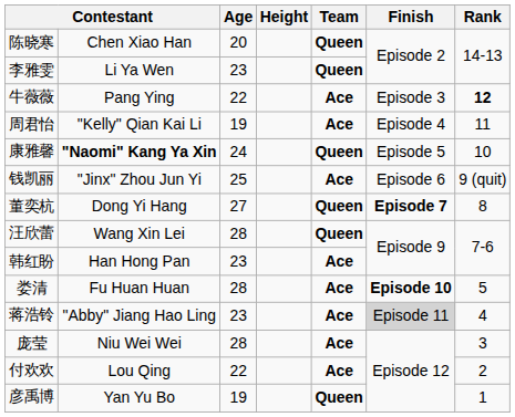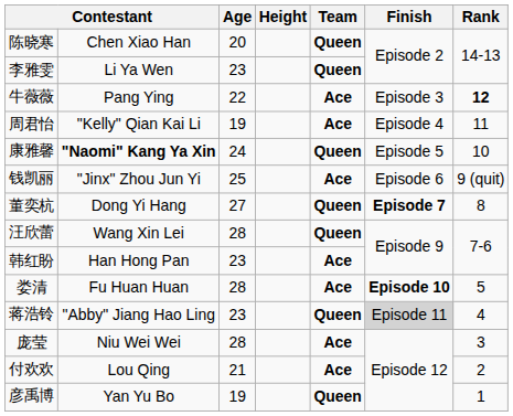 <table class="wikitable sortable" style="text-align:center;">
 <tr>
 <th colspan="2">Contestant</th>
 <th>Age</th>
 <th>Height</th>
 <th>Team</th>
 <th>Finish</th>
 <th>Rank</th>
 </tr>
 <tr>
 <td>陈晓寒</td>
 <td>Chen Xiao Han</td>
 <td>20</td>
 <td></td>
 <td><strong><span>Queen</span></strong></td>
 <td rowspan="2">Episode 2</td>
 <td rowspan="2">14-13</td>
 </tr>
 <tr>
 <td>李雅雯</td>
 <td>Li Ya Wen</td>
 <td>23</td>
 <td></td>
 <td><strong><span>Queen</span></strong></td>
 </tr>
 <tr>
 <td>牛薇薇</td>
 <td>Pang Ying</td>
 <td>22</td>
 <td></td>
 <td><strong><span>Ace</span></strong></td>
 <td>Episode 3</td>
 <td><strong>12</strong></td>
 </tr>
 <tr>
 <td>周君怡</td>
 <td>"Kelly" Qian Kai Li</td>
 <td>19</td>
 <td></td>
 <td><strong><span>Ace</span></strong></td>
 <td>Episode 4</td>
 <td>11</td>
 </tr>
 <tr>
 <td>康雅馨</td>
 <td><strong>"Naomi" Kang Ya Xin</strong></td>
 <td>24</td>
 <td></td>
 <td><strong><span>Queen</span></strong></td>
 <td>Episode 5</td>
 <td>10</td>
 </tr>
 <tr>
 <td>钱凯丽</td>
 <td>"Jinx" Zhou Jun Yi</td>
 <td>25</td>
 <td></td>
 <td><strong><span>Ace</span></strong></td>
 <td>Episode 6</td>
 <td>9 (quit)</td>
 </tr>
 <tr>
 <td>董奕杭</td>
 <td>Dong Yi Hang</td>
 <td>27</td>
 <td></td>
 <td><strong><span>Queen</span></strong></td>
 <td><strong>Episode 7</strong></td>
 <td>8</td>
 </tr>
 <tr>
 <td>汪欣蕾</td>
 <td>Wang Xin Lei</td>
 <td>28</td>
 <td></td>
 <td><strong><span>Queen</span></strong></td>
 <td rowspan="2">Episode 9</td>
 <td rowspan="2">7-6</td>
 </tr>
 <tr>
 <td>韩红盼</td>
 <td>Han Hong Pan</td>
 <td>23</td>
 <td></td>
 <td><strong><span>Ace</span></strong></td>
 </tr>
 <tr>
 <td>娄清</td>
 <td>Fu Huan Huan</td>
 <td>28</td>
 <td></td>
 <td><strong><span>Ace</span></strong></td>
 <td><strong>Episode 10</strong></td>
 <td>5</td>
 </tr>
 <tr>
 <td>蒋浩铃</td>
 <td>"Abby" Jiang Hao Ling</td>
 <td>23</td>
 <td></td>
-<td><strong><span>Ace</span></strong></td>
+<td><strong><span>Queen</span></strong></td>
 <td style="background: lightgrey;">Episode 11</td>
 <td>4</td>
 </tr>
 <tr>
 <td>庞莹</td>
 <td>Niu Wei Wei</td>
 <td>28</td>
 <td></td>
 <td><strong><span>Ace</span></strong></td>
 <td rowspan="3">Episode 12</td>
 <td>3</td>
 </tr>
 <tr>
 <td>付欢欢</td>
 <td>Lou Qing</td>
-<td>22</td>
+<td>21</td>
 <td></td>
 <td><strong><span>Ace</span></strong></td>
 <td>2</td>
 </tr>
 <tr>
 <td>彦禹博</td>
 <td>Yan Yu Bo</td>
 <td>19</td>
 <td></td>
 <td><strong><span>Queen</span></strong></td>
 <td>1</td>
 </tr>
 </table>
